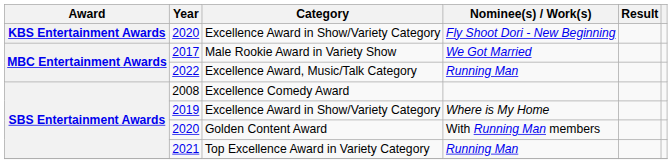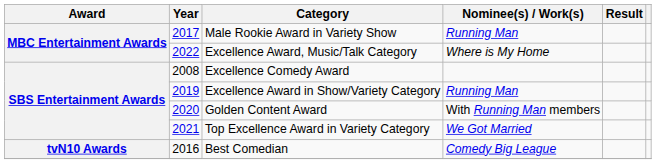 <table class="wikitable sortable plainrowheaders">
 <tr>
 <th scope="col">Award</th>
 <th scope="col">Year</th>
 <th scope="col">Category</th>
 <th scope="col">Nominee(s) / Work(s)</th>
 <th scope="col">Result</th>
 <th scope="col" class="unsortable"></th>
 </tr>
 <tr>
-<th scope="row"><a href='#'>KBS Entertainment Awards</a></th>
-<td style="text-align:center"><a href='#'>2020</a></td>
-<td>Excellence Award in Show/Variety Category</td>
-<td><em><a href='#'>Fly Shoot Dori - New Beginning</a></em></td>
-<td></td>
-<td style="text-align:center"></td>
-</tr>
-<tr>
 <th scope="row" rowspan="2"><a href='#'>MBC Entertainment Awards</a></th>
 <td style="text-align:center"><a href='#'>2017</a></td>
 <td>Male Rookie Award in Variety Show</td>
-<td><em><a href='#'>We Got Married</a></em></td>
+<td><em><a href='#'>Running Man</a></em></td>
 <td></td>
 <td style="text-align:center"></td>
 </tr>
 <tr>
 <td style="text-align:center"><a href='#'>2022</a></td>
 <td>Excellence Award, Music/Talk Category</td>
-<td><em><a href='#'>Running Man</a></em></td>
+<td><em>Where is My Home</em></td>
 <td></td>
 <td style="text-align:center"></td>
 </tr>
 <tr>
 <th scope="row" rowspan="4"><a href='#'>SBS Entertainment Awards</a></th>
 <td style="text-align:center">2008</td>
 <td>Excellence Comedy Award</td>
 <td><em></em></td>
 <td></td>
 <td style="text-align:center"></td>
 </tr>
 <tr>
 <td style="text-align:center"><a href='#'>2019</a></td>
 <td>Excellence Award in Show/Variety Category</td>
-<td><em>Where is My Home</em></td>
+<td><em><a href='#'>Running Man</a></em></td>
 <td></td>
 <td style="text-align:center"></td>
 </tr>
 <tr>
 <td style="text-align:center"><a href='#'>2020</a></td>
 <td>Golden Content Award</td>
 <td>With <em><a href='#'>Running Man</a></em> members</td>
 <td></td>
 <td style="text-align:center"></td>
 </tr>
 <tr>
 <td rowspan="1" style="text-align:center"><a href='#'>2021</a></td>
 <td>Top Excellence Award in Variety Category</td>
-<td><em><a href='#'>Running Man</a></em></td>
+<td><em><a href='#'>We Got Married</a></em></td>
+<td></td>
+<td style="text-align:center"></td>
+</tr>
+<tr>
+<th scope="row"><a href='#'>tvN10 Awards</a></th>
+<td style="text-align:center">2016</td>
+<td>Best Comedian</td>
+<td><em><a href='#'>Comedy Big League</a></em></td>
 <td></td>
 <td style="text-align:center"></td>
 </tr>
 <tr>
 </tr>
 </table>
